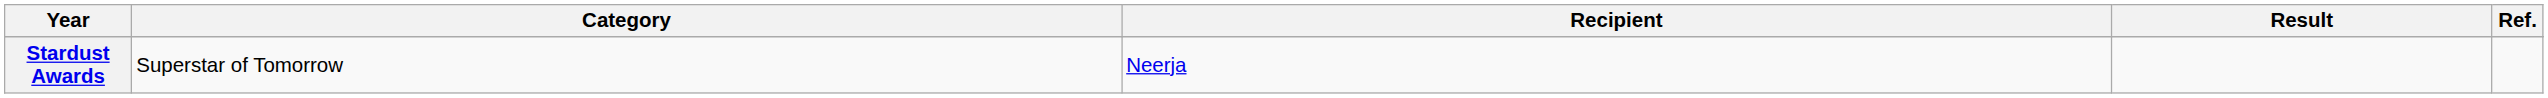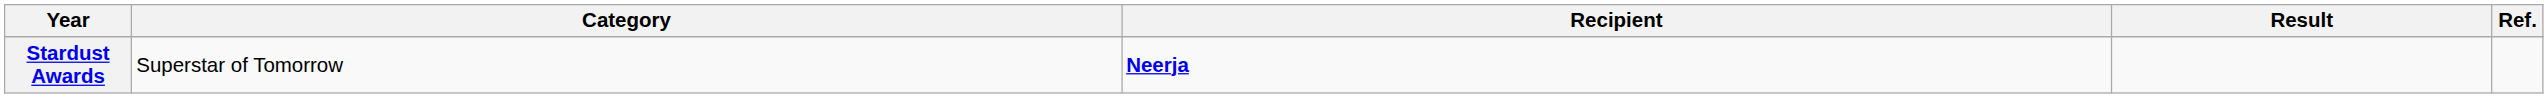 <table class="wikitable plainrowheaders" width="100%" "textcolor:#000;">
 <tr>
 <th scope="col" width=5%><strong>Year</strong></th>
 <th scope="col" width=39%><strong>Category</strong></th>
 <th scope="col" width=39%><strong>Recipient</strong></th>
 <th scope="col" width=15%><strong>Result</strong></th>
 <th scope="col" width=2%><strong>Ref.</strong></th>
 </tr>
 <tr>
 </tr>
 <tr>
 <th scope="row"><a href='#'>Stardust Awards</a></th>
 <td>Superstar of Tomorrow</td>
-<td><a href='#'>Neerja</a></td>
+<td><strong><a href='#'>Neerja</a></strong></td>
 <td></td>
 <td></td>
 </tr>
 </table>
